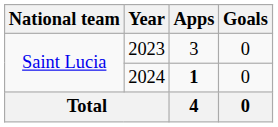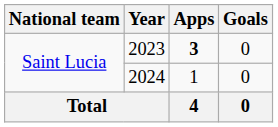 <table class=wikitable style=text-align:center>
 <tr>
 <th>National team</th>
 <th>Year</th>
 <th>Apps</th>
 <th>Goals</th>
 </tr>
 <tr>
 <td rowspan="2"><a href='#'>Saint Lucia</a></td>
 <td>2023</td>
-<td>3</td>
+<td><strong>3</strong></td>
 <td>0</td>
 </tr>
 <tr>
 <td>2024</td>
-<td><strong>1</strong></td>
+<td>1</td>
 <td>0</td>
 </tr>
 <tr>
 <th colspan=2>Total</th>
 <th>4</th>
 <th>0</th>
 </tr>
 </table>
